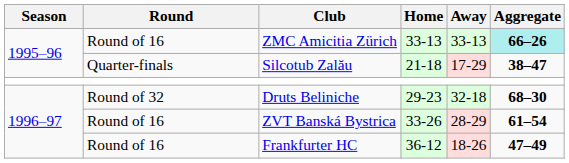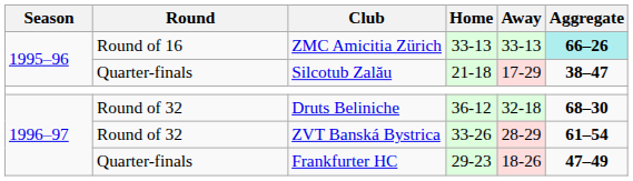 <table class="wikitable">
 <tr>
 <th width=75>Season</th>
 <th width=175>Round</th>
 <th>Club</th>
 <th>Home</th>
 <th>Away</th>
 <th>Aggregate</th>
 </tr>
 <tr>
 <td rowspan=2><a href='#'>1995–96</a></td>
 <td>Round of 16</td>
 <td> <a href='#'>ZMC Amicitia Zürich</a></td>
 <td style="text-align:center; background:#dfd;">33-13</td>
 <td style="text-align:center; background:#dfd;">33-13</td>
 <td style="background: paleturquoise; text-align:center;"><strong>66–26</strong></td>
 </tr>
 <tr>
 <td>Quarter-finals</td>
 <td> <a href='#'>Silcotub Zalău</a></td>
 <td style="text-align:center; background:#dfd;">21-18</td>
 <td style="text-align:center; background:#fdd;">17-29</td>
 <td style="text-align:center;"><strong>38–47</strong></td>
 </tr>
 <tr>
 <td colspan=7 style="text-align: center;" bgcolor=white></td>
 </tr>
 <tr>
 <td rowspan=3><a href='#'>1996–97</a></td>
 <td>Round of 32</td>
 <td> <a href='#'>Druts Beliniche</a></td>
-<td style="text-align:center; background:#dfd;">29-23</td>
+<td style="text-align:center; background:#dfd;">36-12</td>
 <td style="text-align:center; background:#dfd;">32-18</td>
 <td style="text-align:center;"><strong>68–30</strong></td>
 </tr>
 <tr>
-<td>Round of 16</td>
+<td>Round of 32</td>
 <td> <a href='#'>ZVT Banská Bystrica</a></td>
 <td style="text-align:center; background:#dfd;">33-26</td>
 <td style="text-align:center; background:#fdd;">28-29</td>
 <td style="text-align:center;"><strong>61–54</strong></td>
 </tr>
 <tr>
-<td>Round of 16</td>
+<td>Quarter-finals</td>
 <td> <a href='#'>Frankfurter HC</a></td>
-<td style="text-align:center; background:#dfd;">36-12</td>
+<td style="text-align:center; background:#dfd;">29-23</td>
 <td style="text-align:center; background:#fdd;">18-26</td>
 <td style="text-align:center;"><strong>47–49</strong></td>
 </tr>
 </table>
